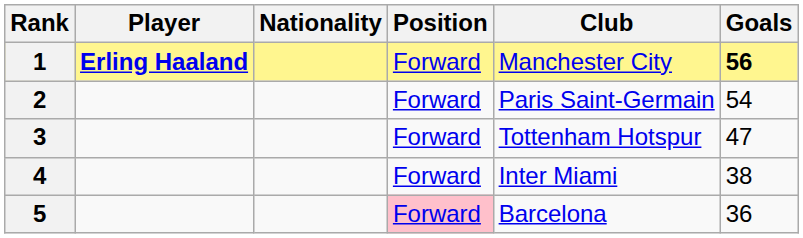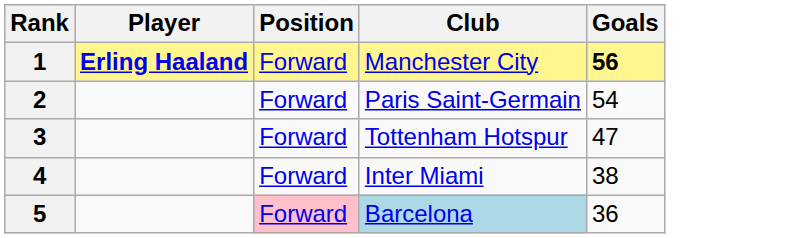 <table class="wikitable">
 <tr>
 <th scope="col">Rank</th>
 <th scope="col">Player</th>
-<th scope="col">Nationality</th>
 <th scope="col">Position</th>
 <th scope="col">Club</th>
 <th scope="col">Goals</th>
 </tr>
 <tr style="background-color:#FFF68F">
 <th scope="row">1</th>
 <td><strong><a href='#'>Erling Haaland</a></strong></td>
-<td></td>
 <td><a href='#'>Forward</a></td>
 <td> <a href='#'>Manchester City</a></td>
 <td><strong>56</strong></td>
 </tr>
 <tr>
 <th scope="row">2</th>
-<td></td>
 <td></td>
 <td><a href='#'>Forward</a></td>
 <td> <a href='#'>Paris Saint-Germain</a></td>
 <td>54</td>
 </tr>
 <tr>
 <th scope="row">3</th>
 <td></td>
-<td></td>
 <td><a href='#'>Forward</a></td>
 <td> <a href='#'>Tottenham Hotspur</a></td>
 <td>47</td>
 </tr>
 <tr>
 <th scope="row">4</th>
-<td></td>
 <td></td>
 <td><a href='#'>Forward</a></td>
 <td> <a href='#'>Inter Miami</a></td>
 <td>38</td>
 </tr>
 <tr>
 <th scope="row">5</th>
 <td></td>
-<td></td>
 <td style="background: pink;"><a href='#'>Forward</a></td>
-<td> <a href='#'>Barcelona</a></td>
+<td style="background: lightblue;"> <a href='#'>Barcelona</a></td>
 <td>36</td>
 </tr>
 </table>
